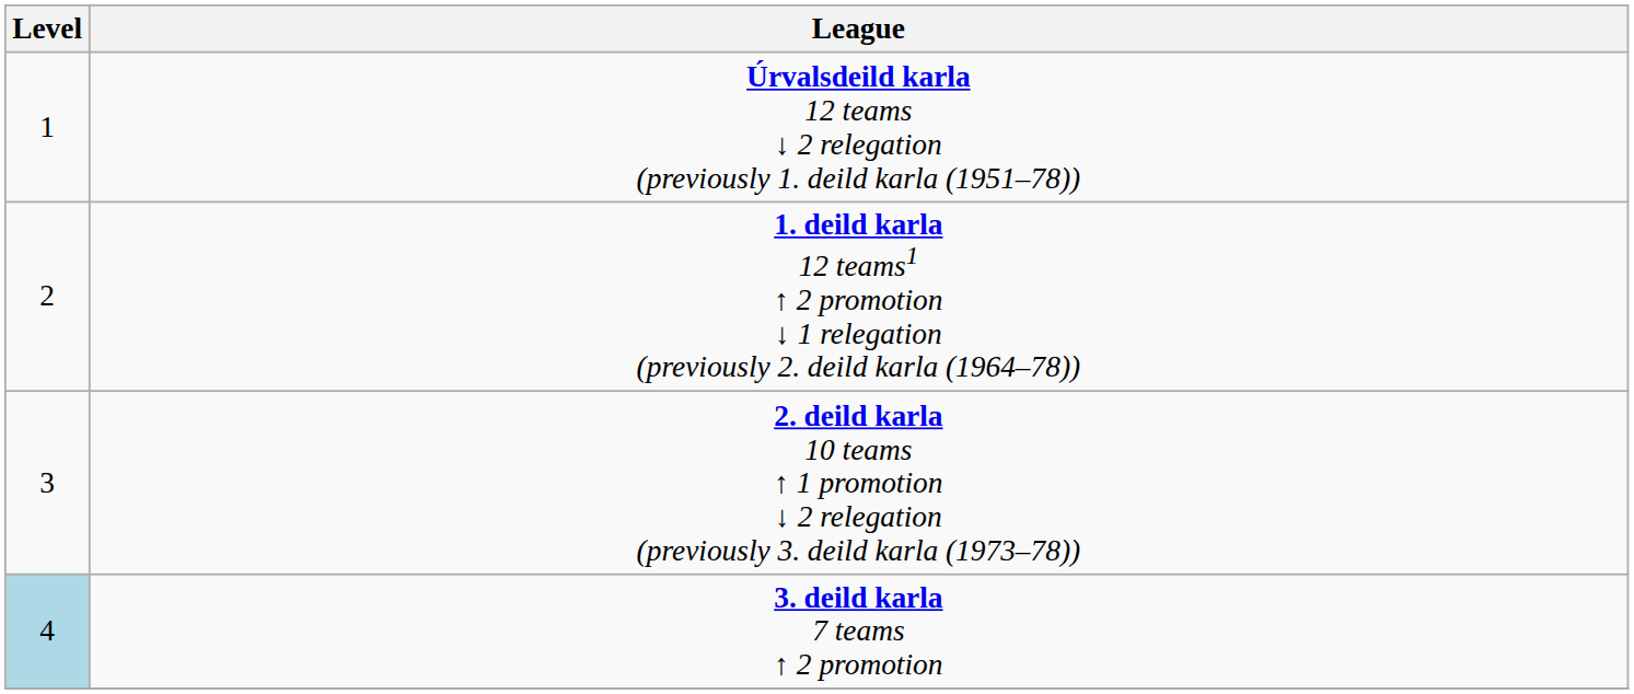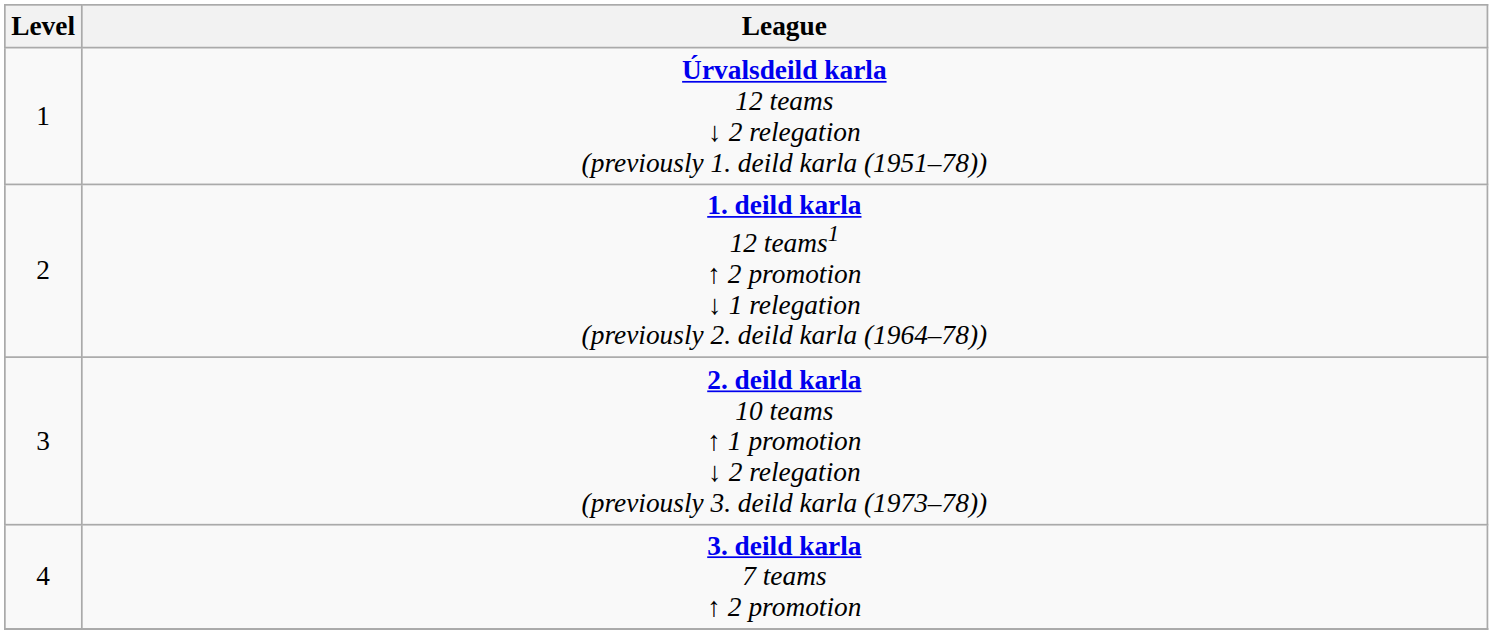 <table class="wikitable" style="text-align: center;">
 <tr south>
 <th width="4%">Level</th>
 <th colspan=5 width="96%">League</th>
 </tr>
 <tr>
 <td width="4%">1</td>
 <td width="96%" colspan=5><strong><a href='#'>Úrvalsdeild karla</a></strong><br><em>12 teams<br>↓ 2 relegation<br>(previously 1. deild karla (1951–78))</em></td>
 </tr>
 <tr>
 <td width="4%">2</td>
 <td width="96%" colspan=5><strong><a href='#'>1. deild karla</a></strong><br><em>12 teams<sup>1</sup><br>↑ 2 promotion<br>↓ 1 relegation<br>(previously 2. deild karla (1964–78))</em></td>
 </tr>
 <tr>
 <td width="4%">3</td>
 <td width="96%" colspan=5><strong><a href='#'>2. deild karla</a></strong><br><em>10 teams<br>↑ 1 promotion<br>↓ 2 relegation<br>(previously 3. deild karla (1973–78))</em></td>
 </tr>
 <tr>
-<td width="4%" style="background: lightblue;">4</td>
+<td width="4%">4</td>
 <td width="96%" colspan=5><strong><a href='#'>3. deild karla</a></strong><br><em>7 teams<br>↑ 2 promotion</em></td>
 </tr>
 <tr>
 </tr>
 </table>
